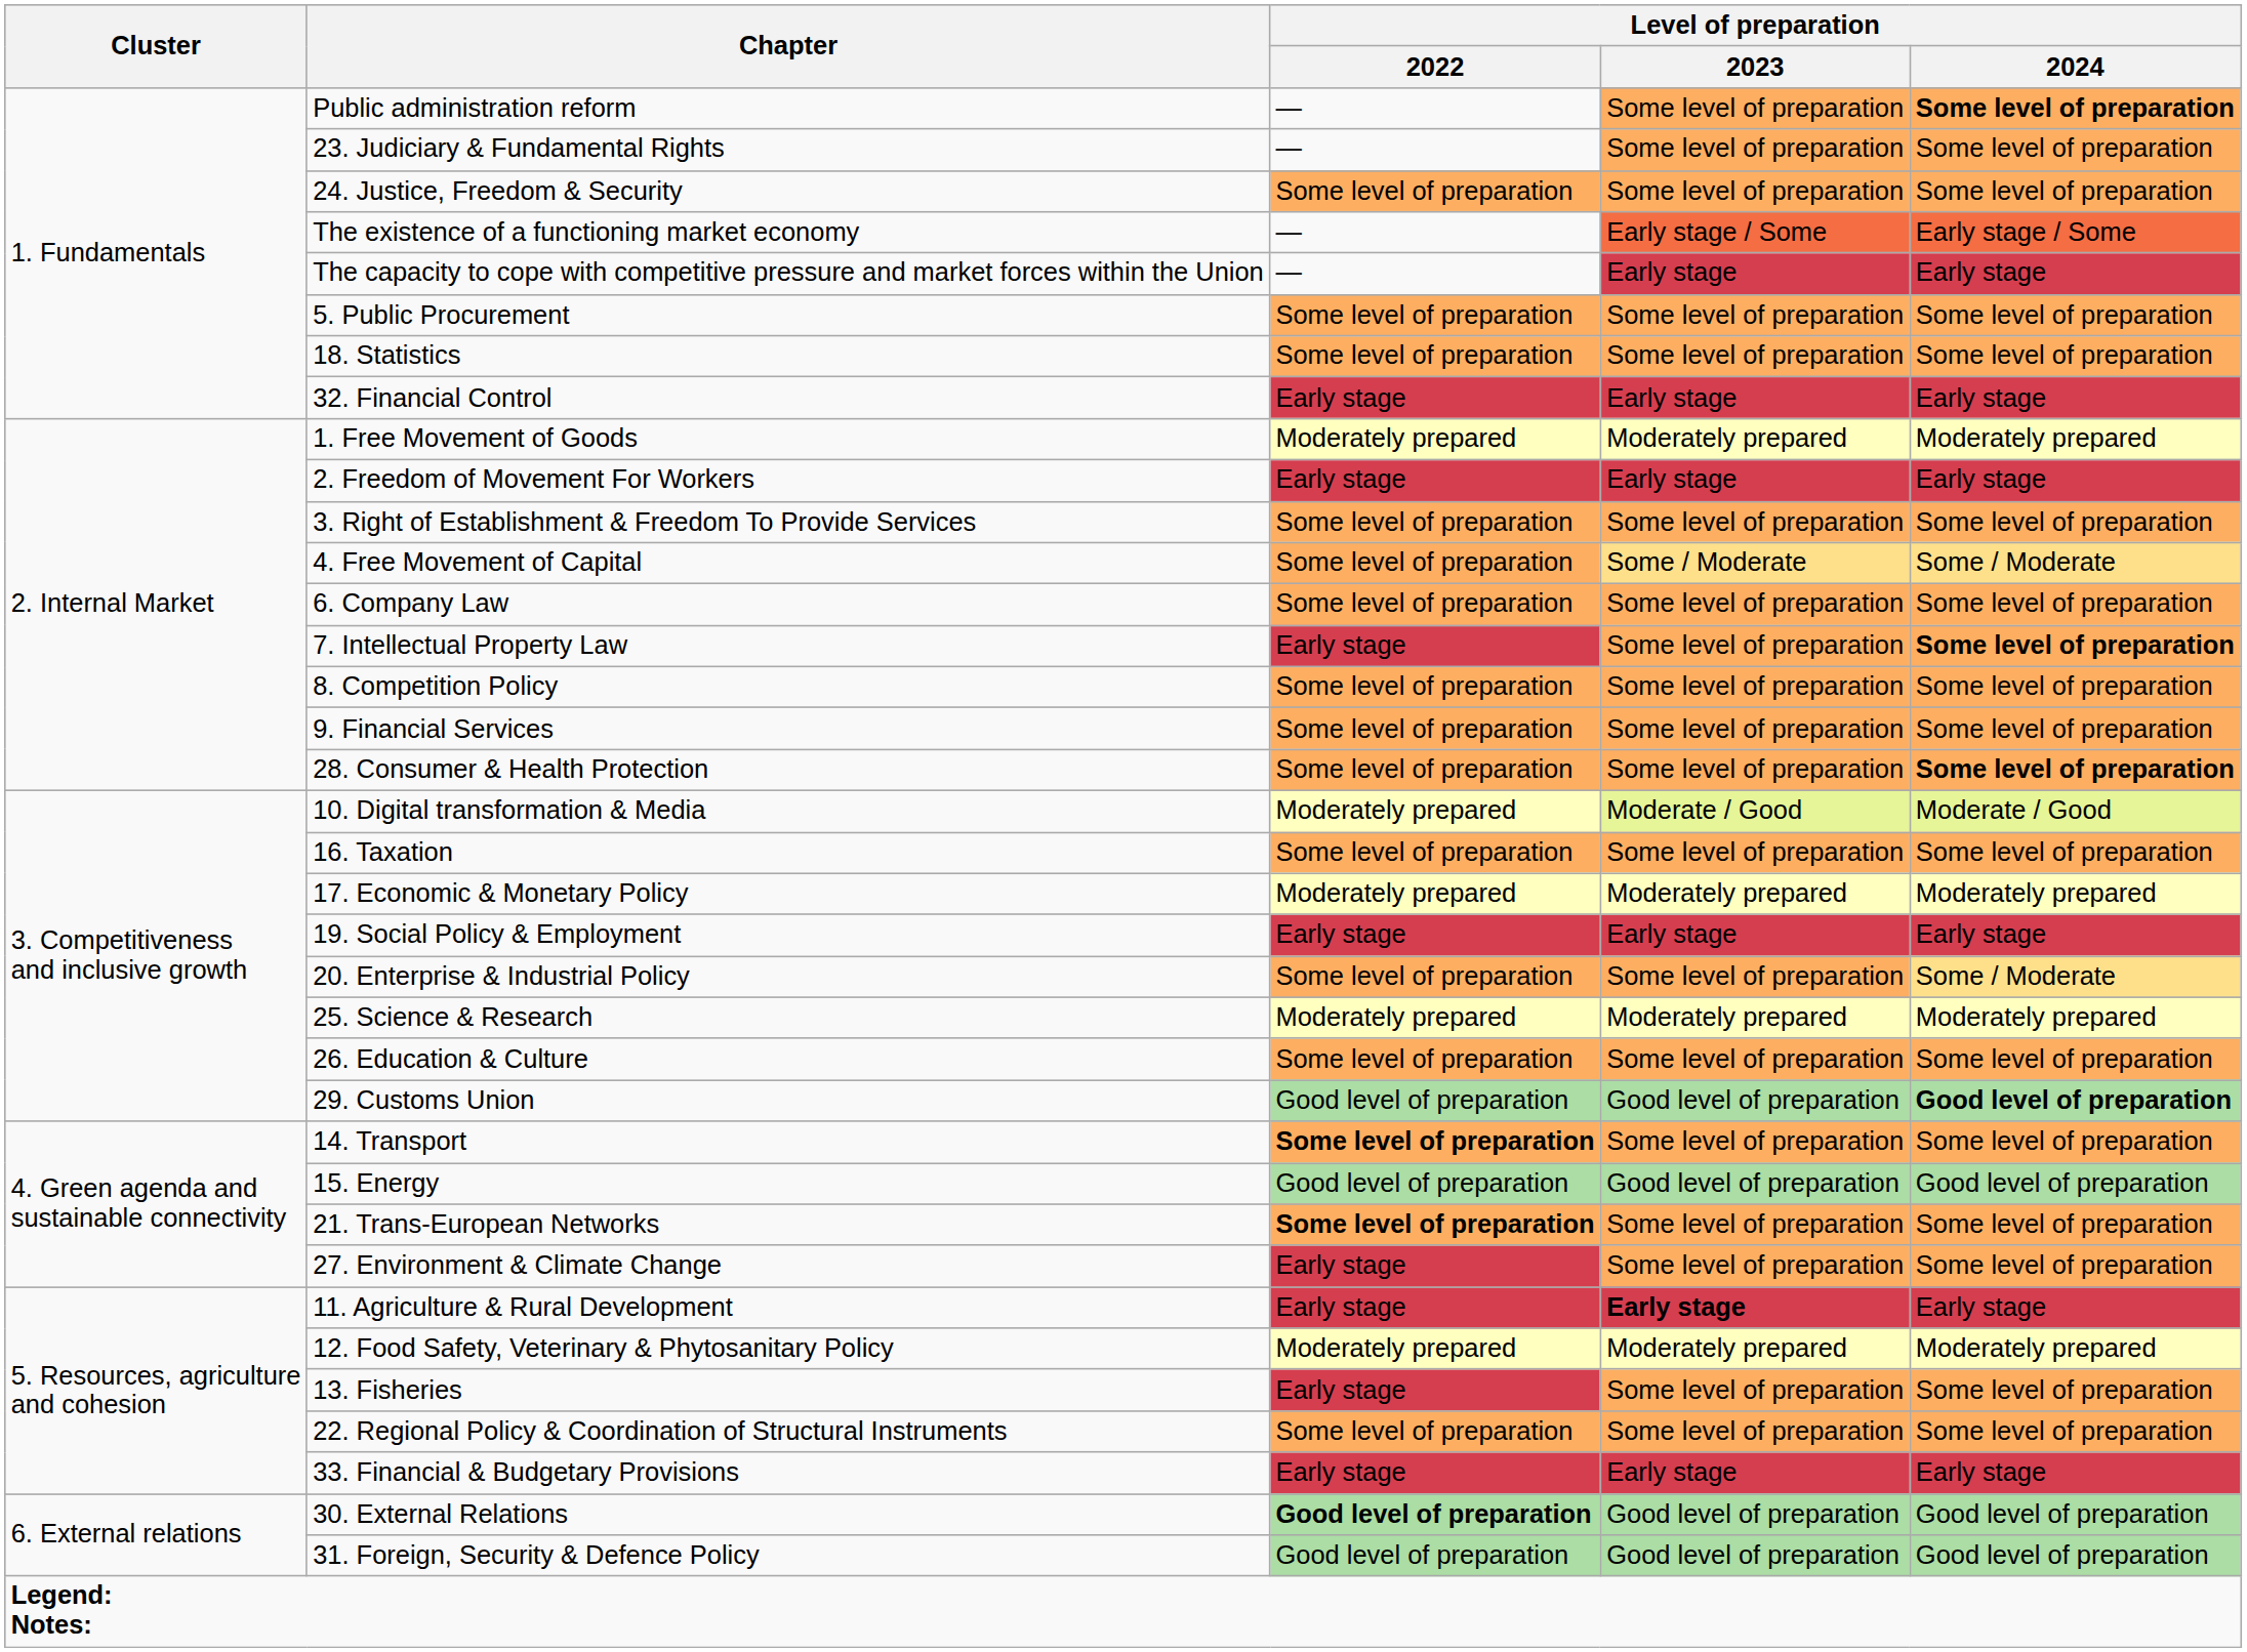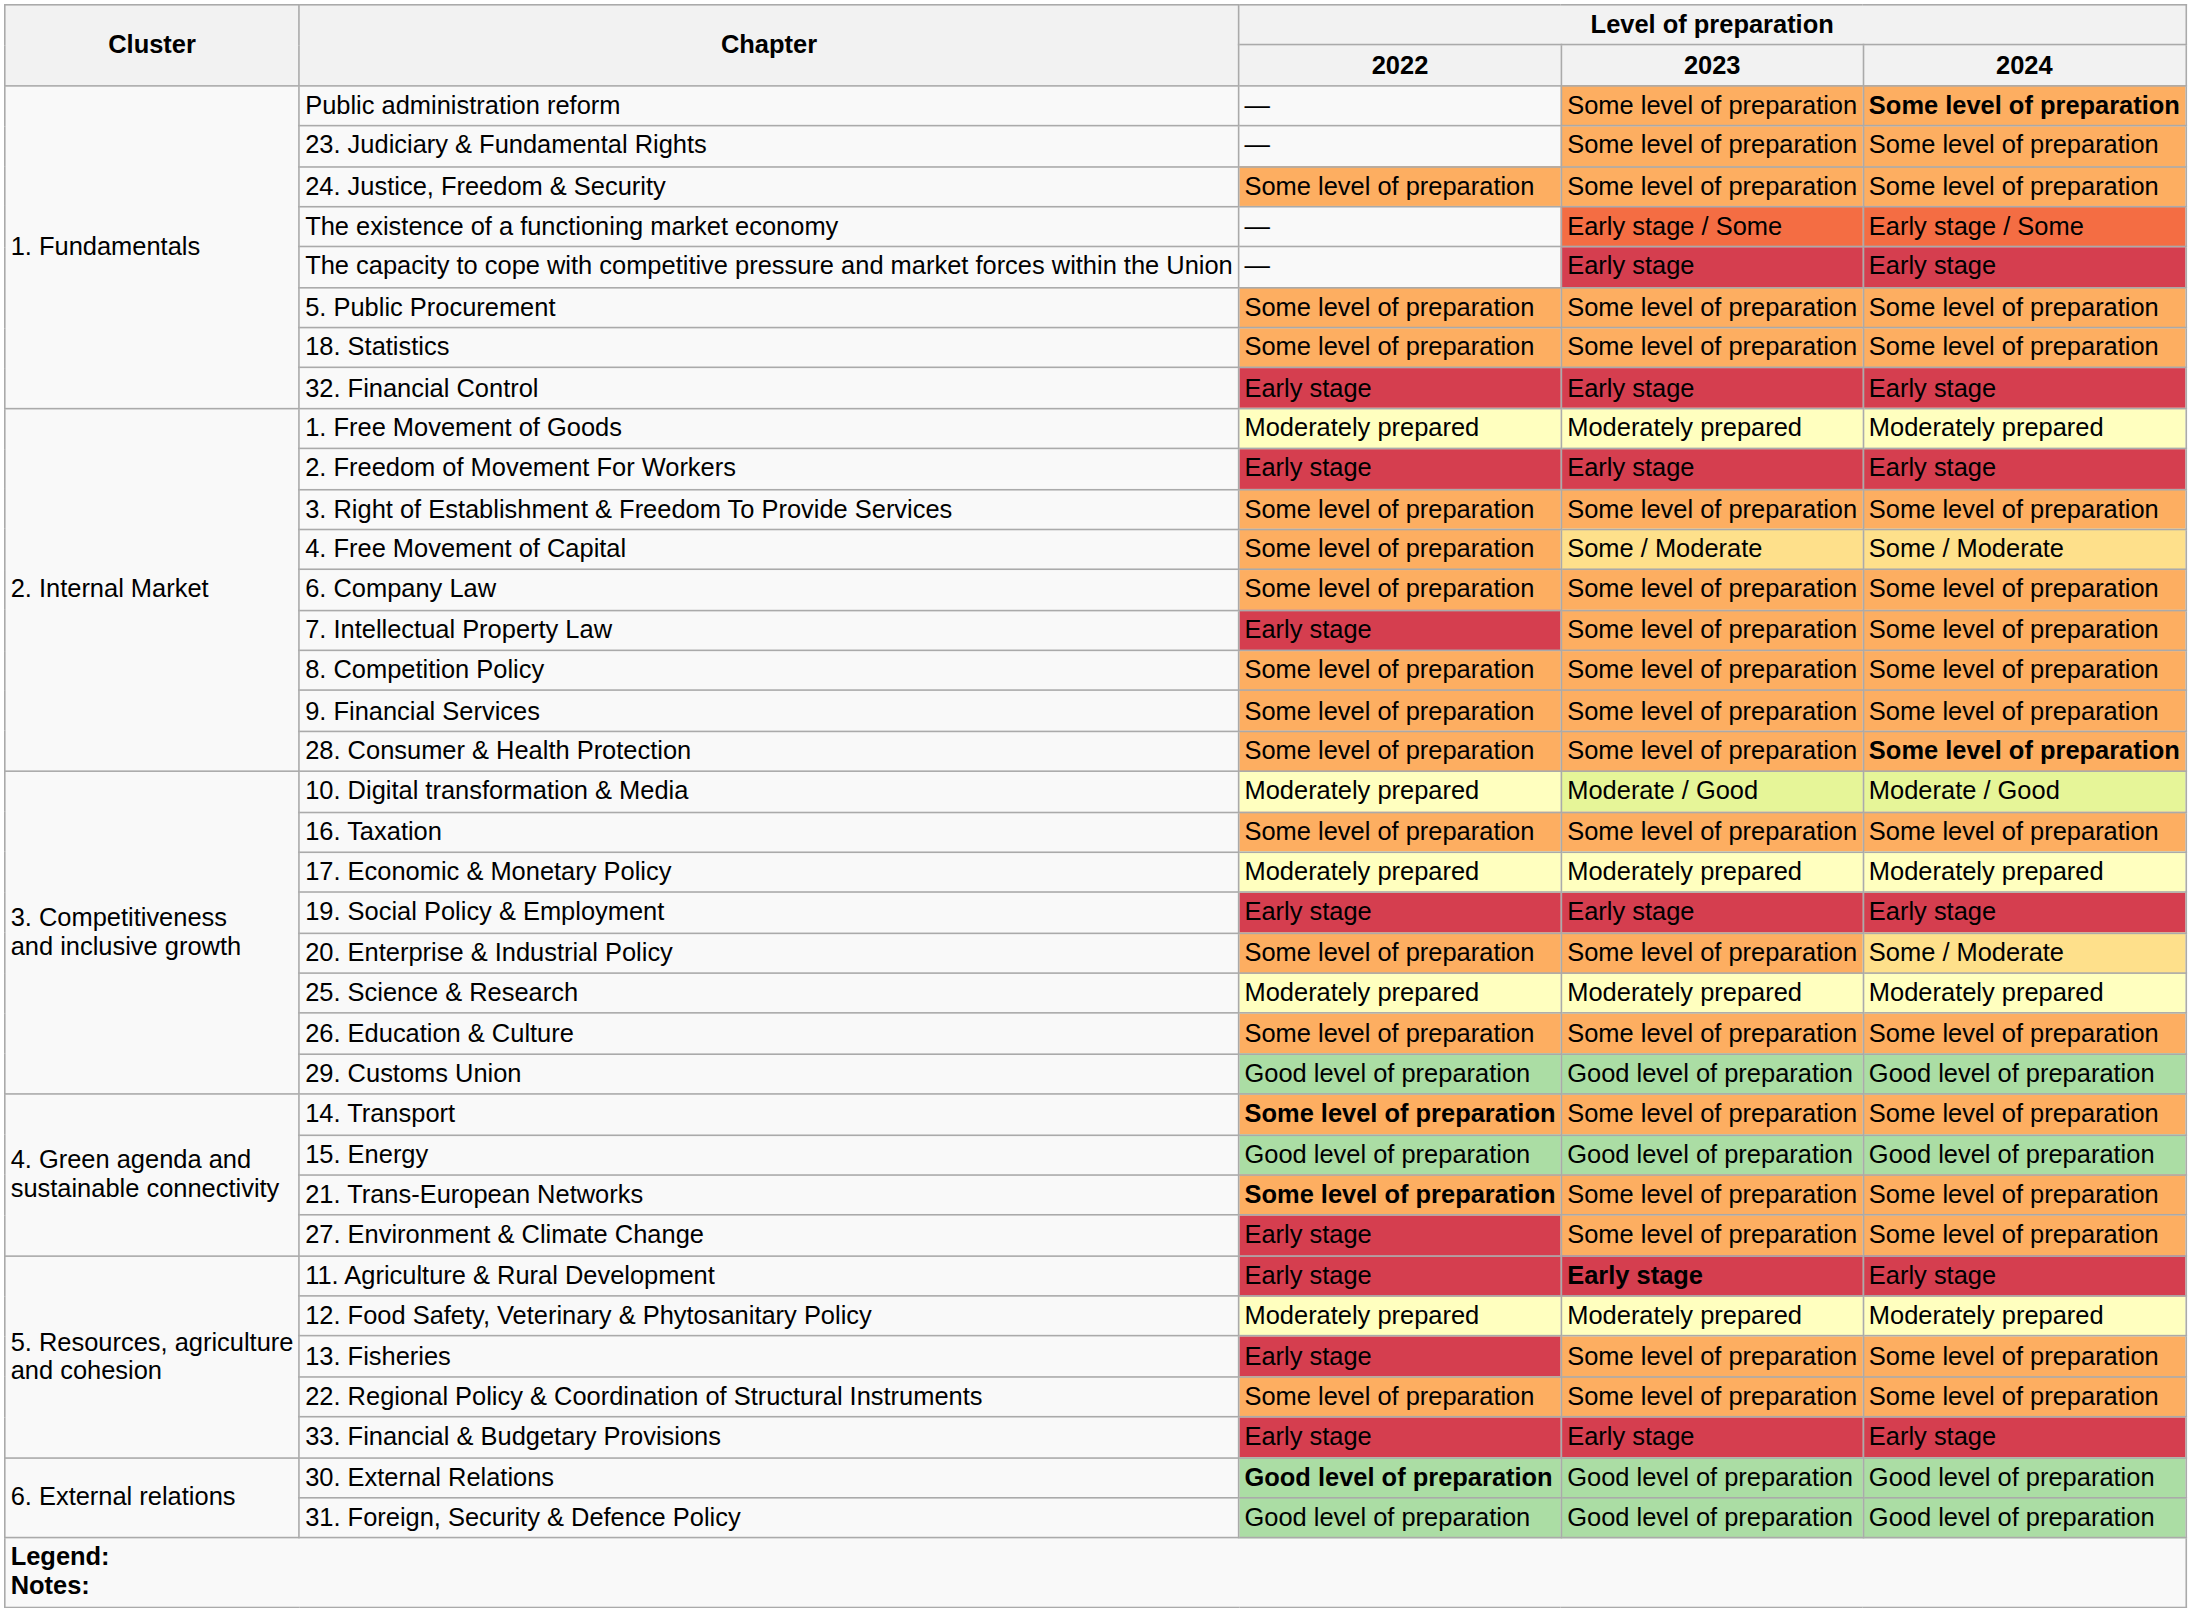 <table class="wikitable sortable mw-collapsible mw-collapsed">
 <tr>
 <th Scope="col" rowspan="2">Cluster</th>
 <th scope="col" rowspan="2">Chapter</th>
 <th colspan="3" scope="colgroup">Level of preparation</th>
 </tr>
 <tr>
 <th Scope="col">2022</th>
 <th scope="col">2023</th>
 <th>2024</th>
 </tr>
 <tr>
 <td rowspan="8">1. Fundamentals</td>
 <td>Public administration reform</td>
 <td>—</td>
 <td style="background: #fdae61;">Some level of preparation</td>
 <td style="background: #fdae61;"><strong>Some level of preparation</strong></td>
 </tr>
 <tr>
 <td data-sort-value="23">23. Judiciary & Fundamental Rights</td>
 <td>—</td>
 <td style="background: #fdae61;">Some level of preparation</td>
 <td style="background: #fdae61;">Some level of preparation</td>
 </tr>
 <tr>
 <td data-sort-value="24">24. Justice, Freedom & Security</td>
 <td style="background: #fdae61;">Some level of preparation</td>
 <td style="background: #fdae61;">Some level of preparation</td>
 <td style="background: #fdae61;">Some level of preparation</td>
 </tr>
 <tr>
 <td>The existence of a functioning market economy</td>
 <td>—</td>
 <td style="background: #f46d43;">Early stage / Some</td>
 <td style="background: #f46d43;">Early stage / Some</td>
 </tr>
 <tr>
 <td>The capacity to cope with competitive pressure and market forces within the Union</td>
 <td>—</td>
 <td style="background: #d53e4f;">Early stage</td>
 <td style="background: #d53e4f;">Early stage</td>
 </tr>
 <tr>
 <td data-sort-value="5">5. Public Procurement</td>
 <td style="background: #fdae61;">Some level of preparation</td>
 <td style="background: #fdae61;">Some level of preparation</td>
 <td style="background: #fdae61;">Some level of preparation</td>
 </tr>
 <tr>
 <td data-sort-value="18">18. Statistics</td>
 <td style="background: #fdae61;">Some level of preparation</td>
 <td style="background: #fdae61;">Some level of preparation</td>
 <td style="background: #fdae61;">Some level of preparation</td>
 </tr>
 <tr>
 <td data-sort-value="32">32. Financial Control</td>
 <td style="background: #d53e4f;">Early stage</td>
 <td style="background: #d53e4f;">Early stage</td>
 <td style="background: #d53e4f;">Early stage</td>
 </tr>
 <tr>
 <td rowspan="9" data-sort-value="2">2. Internal Market</td>
 <td data-sort-value="1">1. Free Movement of Goods</td>
 <td style="background: #ffffbf;">Moderately prepared</td>
 <td style="background: #ffffbf;">Moderately prepared</td>
 <td style="background: #ffffbf;">Moderately prepared</td>
 </tr>
 <tr>
 <td data-sort-value="2">2. Freedom of Movement For Workers</td>
 <td style="background: #d53e4f;">Early stage</td>
 <td style="background: #d53e4f;">Early stage</td>
 <td style="background: #d53e4f;">Early stage</td>
 </tr>
 <tr>
 <td data-sort-value="3">3. Right of Establishment & Freedom To Provide Services</td>
 <td style="background: #fdae61;">Some level of preparation</td>
 <td style="background: #fdae61;">Some level of preparation</td>
 <td style="background: #fdae61;">Some level of preparation</td>
 </tr>
 <tr>
 <td data-sort-value="4">4. Free Movement of Capital</td>
 <td style="background: #fdae61;">Some level of preparation</td>
 <td style="background: #fee08b;">Some / Moderate</td>
 <td style="background: #fee08b;">Some / Moderate</td>
 </tr>
 <tr>
 <td data-sort-value="6">6. Company Law</td>
 <td style="background: #fdae61;">Some level of preparation</td>
 <td style="background: #fdae61;">Some level of preparation</td>
 <td style="background: #fdae61;">Some level of preparation</td>
 </tr>
 <tr>
 <td data-sort-value="7">7. Intellectual Property Law</td>
 <td style="background: #d53e4f;">Early stage</td>
 <td style="background: #fdae61;">Some level of preparation</td>
-<td style="background: #fdae61;"><strong>Some level of preparation</strong></td>
+<td style="background: #fdae61;">Some level of preparation</td>
 </tr>
 <tr>
 <td data-sort-value="8">8. Competition Policy</td>
 <td style="background: #fdae61;">Some level of preparation</td>
 <td style="background: #fdae61;">Some level of preparation</td>
 <td style="background: #fdae61;">Some level of preparation</td>
 </tr>
 <tr>
 <td data-sort-value="9">9. Financial Services</td>
 <td style="background: #fdae61;">Some level of preparation</td>
 <td style="background: #fdae61;">Some level of preparation</td>
 <td style="background: #fdae61;">Some level of preparation</td>
 </tr>
 <tr>
 <td data-sort-value="28">28. Consumer & Health Protection</td>
 <td style="background: #fdae61;">Some level of preparation</td>
 <td style="background: #fdae61;">Some level of preparation</td>
 <td style="background: #fdae61;"><strong>Some level of preparation</strong></td>
 </tr>
 <tr>
 <td rowspan="8" data-sort-value="3">3. Competitiveness<br>and inclusive growth</td>
 <td data-sort-value="10">10. Digital transformation & Media</td>
 <td style="background: #ffffbf;">Moderately prepared</td>
 <td style="background: #e6f598;">Moderate / Good</td>
 <td style="background: #e6f598;">Moderate / Good</td>
 </tr>
 <tr>
 <td data-sort-value="16">16. Taxation</td>
 <td style="background: #fdae61;">Some level of preparation</td>
 <td style="background: #fdae61;">Some level of preparation</td>
 <td style="background: #fdae61;">Some level of preparation</td>
 </tr>
 <tr>
 <td data-sort-value="17">17. Economic & Monetary Policy</td>
 <td style="background: #ffffbf;">Moderately prepared</td>
 <td style="background: #ffffbf;">Moderately prepared</td>
 <td style="background: #ffffbf;">Moderately prepared</td>
 </tr>
 <tr>
 <td data-sort-value="19">19. Social Policy & Employment</td>
 <td style="background: #d53e4f;">Early stage</td>
 <td style="background: #d53e4f;">Early stage</td>
 <td style="background: #d53e4f;">Early stage</td>
 </tr>
 <tr>
 <td data-sort-value="20">20. Enterprise & Industrial Policy</td>
 <td style="background: #fdae61;">Some level of preparation</td>
 <td style="background: #fdae61;">Some level of preparation</td>
 <td style="background: #fee08b;">Some / Moderate</td>
 </tr>
 <tr>
 <td data-sort-value="25">25. Science & Research</td>
 <td style="background: #ffffbf;">Moderately prepared</td>
 <td style="background: #ffffbf;">Moderately prepared</td>
 <td style="background: #ffffbf;">Moderately prepared</td>
 </tr>
 <tr>
 <td data-sort-value="26">26. Education & Culture</td>
 <td style="background: #fdae61;">Some level of preparation</td>
 <td style="background: #fdae61;">Some level of preparation</td>
 <td style="background: #fdae61;">Some level of preparation</td>
 </tr>
 <tr>
 <td data-sort-value="29">29. Customs Union</td>
 <td style="background: #abdda4;">Good level of preparation</td>
 <td style="background: #abdda4;">Good level of preparation</td>
-<td style="background: #abdda4;"><strong>Good level of preparation</strong></td>
+<td style="background: #abdda4;">Good level of preparation</td>
 </tr>
 <tr>
 <td rowspan="4" data-sort-value="4">4. Green agenda and<br>sustainable connectivity</td>
 <td data-sort-value="14">14. Transport</td>
 <td style="background: #fdae61;"><strong>Some level of preparation</strong></td>
 <td style="background: #fdae61;">Some level of preparation</td>
 <td style="background: #fdae61;">Some level of preparation</td>
 </tr>
 <tr>
 <td data-sort-value="15">15. Energy</td>
 <td style="background: #abdda4;">Good level of preparation</td>
 <td style="background: #abdda4;">Good level of preparation</td>
 <td style="background: #abdda4;">Good level of preparation</td>
 </tr>
 <tr>
 <td data-sort-value="21">21. Trans-European Networks</td>
 <td style="background: #fdae61;"><strong>Some level of preparation</strong></td>
 <td style="background: #fdae61;">Some level of preparation</td>
 <td style="background: #fdae61;">Some level of preparation</td>
 </tr>
 <tr>
 <td data-sort-value="27">27. Environment & Climate Change</td>
 <td style="background: #d53e4f;">Early stage</td>
 <td style="background: #fdae61;">Some level of preparation</td>
 <td style="background: #fdae61;">Some level of preparation</td>
 </tr>
 <tr>
 <td rowspan="5" data-sort-value="5">5. Resources, agriculture<br>and cohesion</td>
 <td data-sort-value="11">11. Agriculture & Rural Development</td>
 <td style="background: #d53e4f;">Early stage</td>
 <td style="background: #d53e4f;"><strong>Early stage</strong></td>
 <td style="background: #d53e4f;">Early stage</td>
 </tr>
 <tr>
 <td data-sort-value="12">12. Food Safety, Veterinary & Phytosanitary Policy</td>
 <td style="background: #ffffbf;">Moderately prepared</td>
 <td style="background: #ffffbf;">Moderately prepared</td>
 <td style="background: #ffffbf;">Moderately prepared</td>
 </tr>
 <tr>
 <td data-sort-value="13">13. Fisheries</td>
 <td style="background: #d53e4f;">Early stage</td>
 <td style="background: #fdae61;">Some level of preparation</td>
 <td style="background: #fdae61;">Some level of preparation</td>
 </tr>
 <tr>
 <td data-sort-value="22">22. Regional Policy & Coordination of Structural Instruments</td>
 <td style="background: #fdae61;">Some level of preparation</td>
 <td style="background: #fdae61;">Some level of preparation</td>
 <td style="background: #fdae61;">Some level of preparation</td>
 </tr>
 <tr>
 <td data-sort-value="33">33. Financial & Budgetary Provisions</td>
 <td style="background: #d53e4f;">Early stage</td>
 <td style="background: #d53e4f;">Early stage</td>
 <td style="background: #d53e4f;">Early stage</td>
 </tr>
 <tr>
 <td rowspan="2" data-sort-value="6">6. External relations</td>
 <td data-sort-value="30">30. External Relations</td>
 <td style="background: #abdda4;"><strong>Good level of preparation</strong></td>
 <td style="background: #abdda4;">Good level of preparation</td>
 <td style="background: #abdda4;">Good level of preparation</td>
 </tr>
 <tr>
 <td data-sort-value="31">31. Foreign, Security & Defence Policy</td>
 <td style="background: #abdda4;">Good level of preparation</td>
 <td style="background: #abdda4;">Good level of preparation</td>
 <td style="background: #abdda4;">Good level of preparation</td>
 </tr>
 <tr class="sortbottom">
 <td colspan="5"><strong>Legend:</strong><br>         <strong>Notes:</strong> </td>
 </tr>
 </table>
